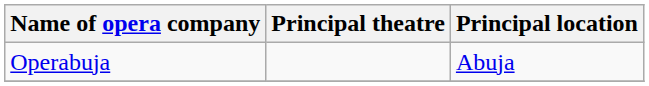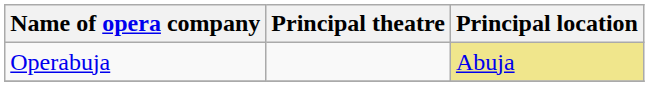 <table class="wikitable">
 <tr>
 <th>Name of <a href='#'>opera</a> company</th>
 <th>Principal theatre</th>
 <th>Principal location</th>
 </tr>
 <tr>
 <td><a href='#'>Operabuja</a></td>
 <td></td>
-<td><a href='#'>Abuja</a></td>
+<td style="background: khaki;"><a href='#'>Abuja</a></td>
 </tr>
 <tr>
 </tr>
 </table>
